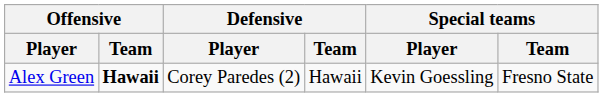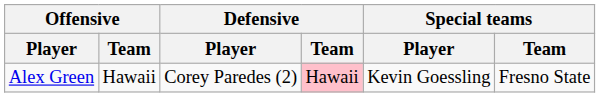 <table class="wikitable">
 <tr>
 <th colspan="2">Offensive</th>
 <th colspan="2">Defensive</th>
 <th colspan="2">Special teams</th>
 </tr>
 <tr>
 <th>Player</th>
 <th>Team</th>
 <th>Player</th>
 <th>Team</th>
 <th>Player</th>
 <th>Team</th>
 </tr>
 <tr>
 <td><a href='#'>Alex Green</a></td>
-<td><strong>Hawaii</strong></td>
+<td>Hawaii</td>
 <td>Corey Paredes (2)</td>
-<td>Hawaii</td>
+<td style="background: pink;">Hawaii</td>
 <td>Kevin Goessling</td>
 <td>Fresno State</td>
 </tr>
 </table>
